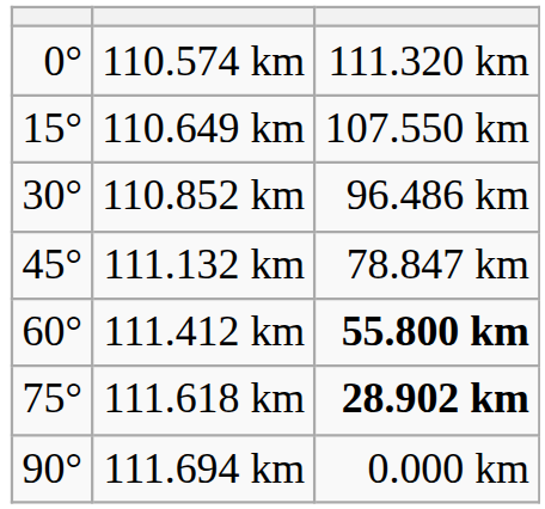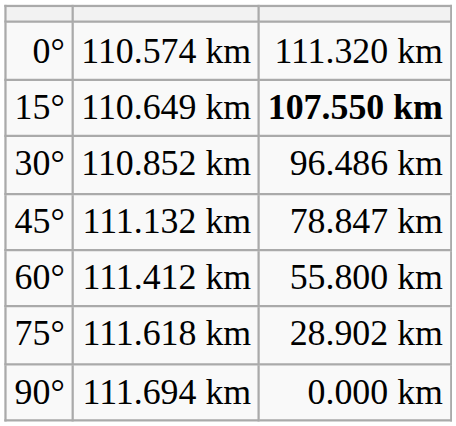 <table class="wikitable" style="margin:1em auto 1em auto;float:right;clear:right;">
 <tr>
 <th></th>
 <th></th>
 <th></th>
 </tr>
 <tr style="text-align:right;">
 <td>0°</td>
 <td>110.574 km</td>
 <td>111.320 km</td>
 </tr>
 <tr style="text-align:right;">
 <td>15°</td>
 <td>110.649 km</td>
-<td>107.550 km</td>
+<td><strong>107.550 km</strong></td>
 </tr>
 <tr style="text-align:right;">
 <td>30°</td>
 <td>110.852 km</td>
 <td>96.486 km</td>
 </tr>
 <tr style="text-align:right;">
 <td>45°</td>
 <td>111.132 km</td>
 <td>78.847 km</td>
 </tr>
 <tr style="text-align:right;">
 <td>60°</td>
 <td>111.412 km</td>
-<td><strong>55.800 km</strong></td>
+<td>55.800 km</td>
 </tr>
 <tr style="text-align:right;">
 <td>75°</td>
 <td>111.618 km</td>
-<td><strong>28.902 km</strong></td>
+<td>28.902 km</td>
 </tr>
 <tr style="text-align:right;">
 <td>90°</td>
 <td>111.694 km</td>
 <td>0.000 km</td>
 </tr>
 </table>
